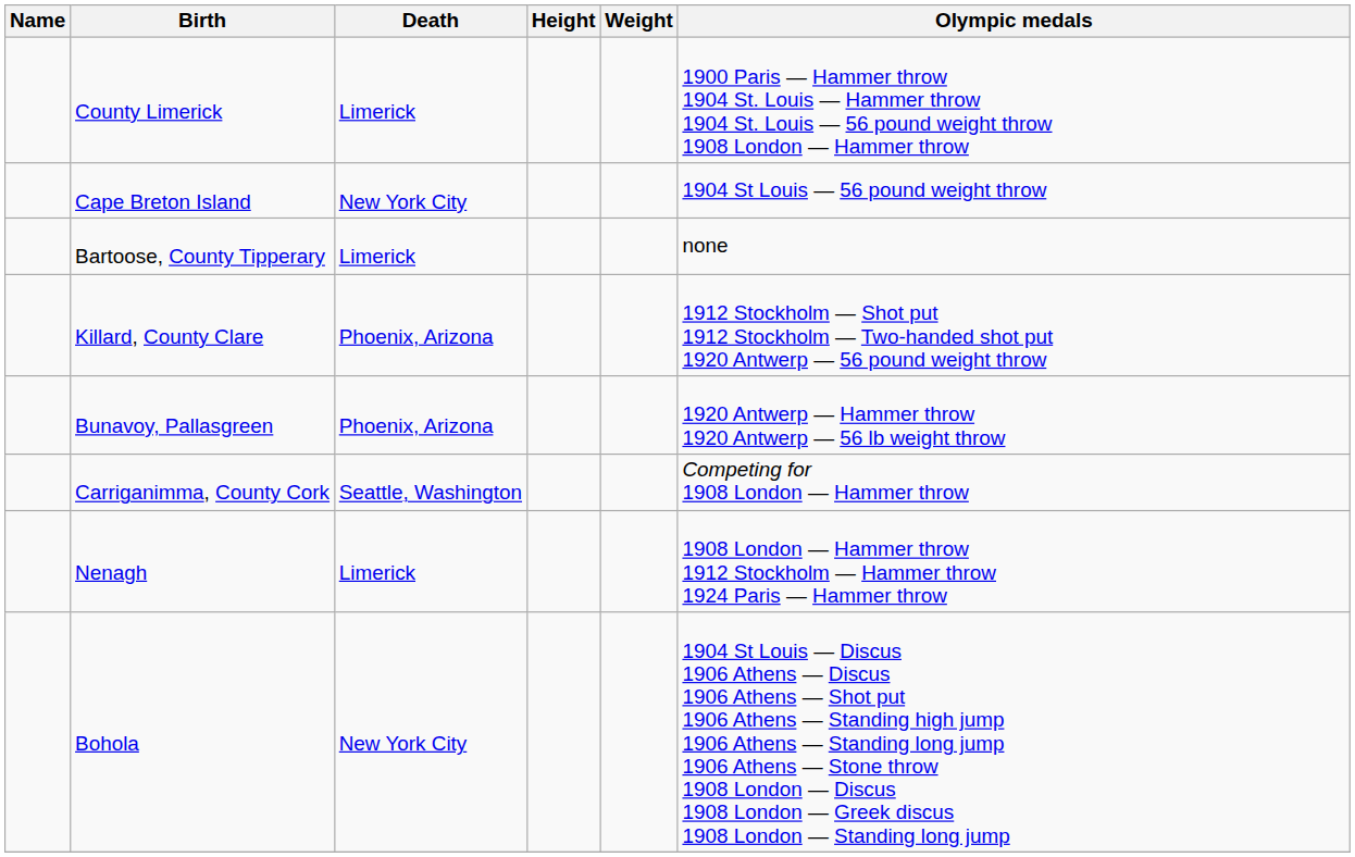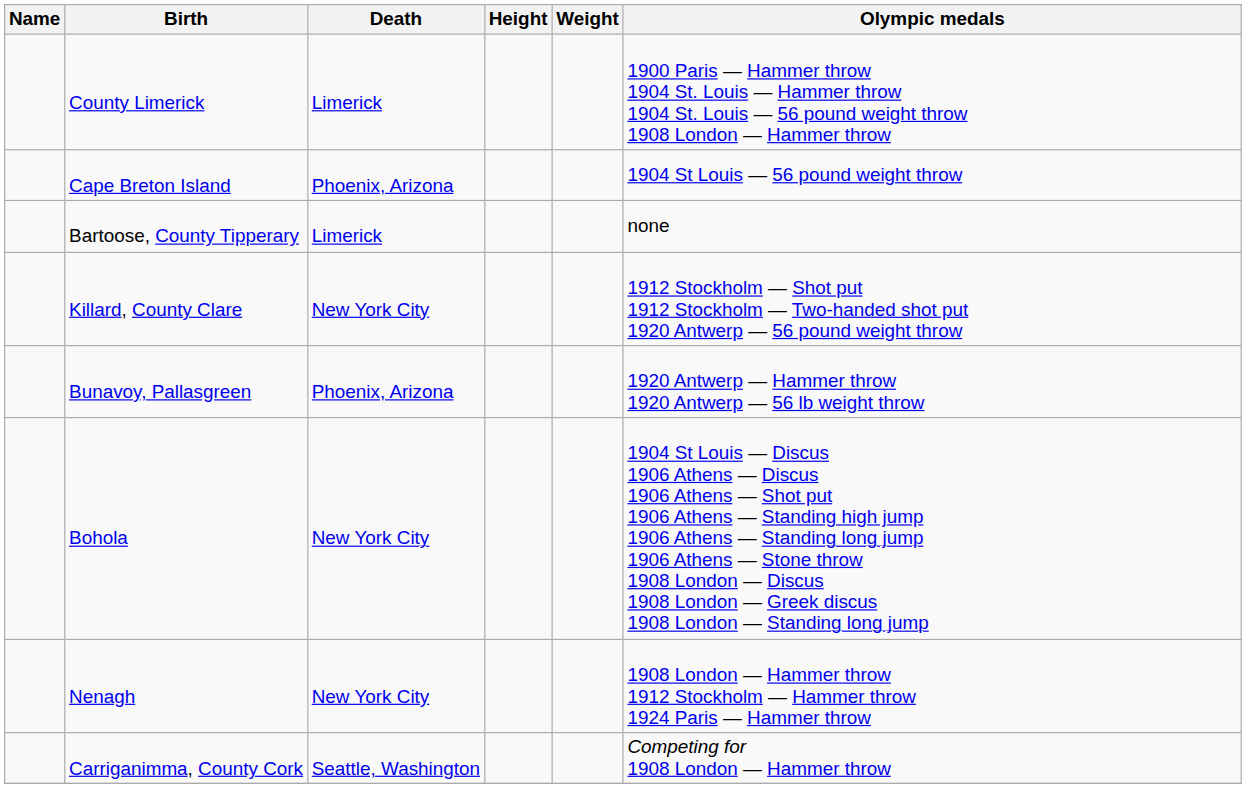 <table class="wikitable sortable">
 <tr>
 <th>Name</th>
 <th>Birth</th>
 <th>Death</th>
 <th>Height</th>
 <th>Weight</th>
 <th width=50%>Olympic medals</th>
 </tr>
 <tr>
 <td rowspan="1"></td>
 <td rowspan="1"> <br><a href='#'>County Limerick</a></td>
 <td rowspan="1"><br><a href='#'>Limerick</a></td>
 <td rowspan="1"></td>
 <td></td>
 <td><br> <a href='#'>1900 Paris</a> — <a href='#'>Hammer throw</a> <br>  <a href='#'>1904 St. Louis</a> — <a href='#'>Hammer throw</a><br> <a href='#'>1904 St. Louis</a> — <a href='#'>56 pound weight throw</a> <br>  <a href='#'>1908 London</a> — <a href='#'>Hammer throw</a></td>
 </tr>
 <tr>
 <td rowspan="1"></td>
 <td rowspan="1"> <br><a href='#'>Cape Breton Island</a></td>
-<td><br><a href='#'>New York City</a></td>
+<td rowspan="1"><br><a href='#'>Phoenix, Arizona</a></td>
 <td rowspan="1"></td>
 <td rowspan="1"></td>
 <td> <a href='#'>1904 St Louis</a> — <a href='#'>56 pound weight throw</a></td>
 </tr>
 <tr>
 <td rowspan="1"></td>
 <td rowspan="1"> <br>Bartoose, <a href='#'>County Tipperary</a></td>
 <td rowspan="1"><br><a href='#'>Limerick</a></td>
 <td rowspan="1"></td>
 <td rowspan="1"></td>
 <td>none</td>
 </tr>
 <tr>
 <td></td>
 <td> <br><a href='#'>Killard</a>, <a href='#'>County Clare</a></td>
-<td rowspan="1"><br><a href='#'>Phoenix, Arizona</a></td>
+<td><br><a href='#'>New York City</a></td>
 <td></td>
 <td></td>
 <td><br> <a href='#'>1912 Stockholm</a> — <a href='#'>Shot put</a><br>  <a href='#'>1912 Stockholm</a> — <a href='#'>Two-handed shot put</a>  <br> <a href='#'>1920 Antwerp</a> — <a href='#'>56 pound weight throw</a></td>
 </tr>
 <tr>
 <td></td>
 <td> <br><a href='#'>Bunavoy, Pallasgreen</a></td>
 <td rowspan="1"><br><a href='#'>Phoenix, Arizona</a></td>
 <td></td>
 <td></td>
 <td><br> <a href='#'>1920 Antwerp</a> — <a href='#'>Hammer throw</a> <br>  <a href='#'>1920 Antwerp</a> — <a href='#'>56 lb weight throw</a></td>
 </tr>
 <tr>
 <td></td>
+<td> <br><a href='#'>Bohola</a></td>
+<td><br><a href='#'>New York City</a></td>
+<td></td>
+<td></td>
+<td><br> <a href='#'>1904 St Louis</a> — <a href='#'>Discus</a>  <br>  <a href='#'>1906 Athens</a> — <a href='#'>Discus</a> <br>  <a href='#'>1906 Athens</a> — <a href='#'>Shot put</a> <br>  <a href='#'>1906 Athens</a> — <a href='#'>Standing high jump</a> <br>  <a href='#'>1906 Athens</a> — <a href='#'>Standing long jump</a> <br>  <a href='#'>1906 Athens</a> — <a href='#'>Stone throw</a> <br>  <a href='#'>1908 London</a> — <a href='#'>Discus</a>  <br>  <a href='#'>1908 London</a> — <a href='#'>Greek discus</a>  <br>  <a href='#'>1908 London</a> — <a href='#'>Standing long jump</a></td>
+</tr>
+<tr>
+<td></td>
+<td> <br><a href='#'>Nenagh</a></td>
+<td><br><a href='#'>New York City</a></td>
+<td></td>
+<td></td>
+<td><br> <a href='#'>1908 London</a> — <a href='#'>Hammer throw</a> <br>  <a href='#'>1912 Stockholm</a> — <a href='#'>Hammer throw</a> <br>  <a href='#'>1924 Paris</a> — <a href='#'>Hammer throw</a></td>
+</tr>
+<tr>
+<td></td>
 <td> <br><a href='#'>Carriganimma</a>, <a href='#'>County Cork</a></td>
 <td><br><a href='#'>Seattle, Washington</a></td>
 <td></td>
 <td></td>
 <td><em>Competing for </em><br> <a href='#'>1908 London</a> — <a href='#'>Hammer throw</a></td>
 </tr>
 <tr>
-<td></td>
-<td> <br><a href='#'>Nenagh</a></td>
-<td rowspan="1"><br><a href='#'>Limerick</a></td>
-<td></td>
-<td></td>
-<td><br> <a href='#'>1908 London</a> — <a href='#'>Hammer throw</a> <br>  <a href='#'>1912 Stockholm</a> — <a href='#'>Hammer throw</a> <br>  <a href='#'>1924 Paris</a> — <a href='#'>Hammer throw</a></td>
-</tr>
-<tr>
-<td></td>
-<td> <br><a href='#'>Bohola</a></td>
-<td><br><a href='#'>New York City</a></td>
-<td></td>
-<td></td>
-<td><br> <a href='#'>1904 St Louis</a> — <a href='#'>Discus</a>  <br>  <a href='#'>1906 Athens</a> — <a href='#'>Discus</a> <br>  <a href='#'>1906 Athens</a> — <a href='#'>Shot put</a> <br>  <a href='#'>1906 Athens</a> — <a href='#'>Standing high jump</a> <br>  <a href='#'>1906 Athens</a> — <a href='#'>Standing long jump</a> <br>  <a href='#'>1906 Athens</a> — <a href='#'>Stone throw</a> <br>  <a href='#'>1908 London</a> — <a href='#'>Discus</a>  <br>  <a href='#'>1908 London</a> — <a href='#'>Greek discus</a>  <br>  <a href='#'>1908 London</a> — <a href='#'>Standing long jump</a></td>
-</tr>
-<tr>
 </tr>
 </table>
